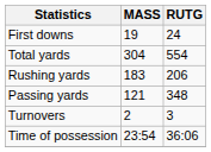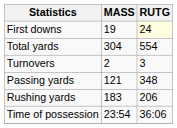 <table class="wikitable">
 <tr>
 <th>Statistics</th>
 <th>MASS</th>
 <th>RUTG</th>
 </tr>
 <tr>
 <td>First downs</td>
 <td>19</td>
-<td>24</td>
+<td style="background: lightyellow;">24</td>
 </tr>
 <tr>
 <td>Total yards</td>
 <td>304</td>
 <td>554</td>
 </tr>
 <tr>
-<td>Rushing yards</td>
-<td>183</td>
-<td>206</td>
+<td>Turnovers</td>
+<td>2</td>
+<td>3</td>
 </tr>
 <tr>
 <td>Passing yards</td>
 <td>121</td>
 <td>348</td>
 </tr>
 <tr>
-<td>Turnovers</td>
-<td>2</td>
-<td>3</td>
+<td>Rushing yards</td>
+<td>183</td>
+<td>206</td>
 </tr>
 <tr>
 <td>Time of possession</td>
 <td>23:54</td>
 <td>36:06</td>
 </tr>
 <tr>
 </tr>
 </table>
